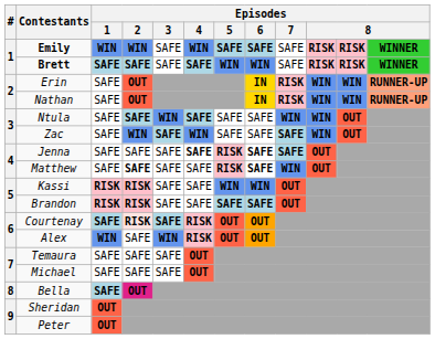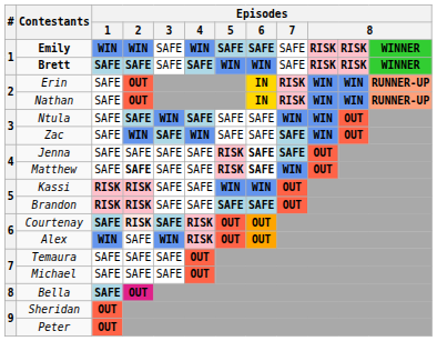 <table class="wikitable" style="text-align:center">
 <tr>
 <th rowspan="2">#</th>
 <th rowspan="2">Contestants</th>
 <th colspan="15">Episodes</th>
 </tr>
 <tr>
 <th>1</th>
 <th>2</th>
 <th>3</th>
 <th>4</th>
 <th>5</th>
 <th>6</th>
 <th>7</th>
 <th colspan="3">8</th>
 </tr>
 <tr>
 <th rowspan="2">1</th>
 <td><strong>Emily</strong></td>
 <td bgcolor="cornflowerblue"><strong>WIN</strong></td>
 <td bgcolor="cornflowerblue"><strong>WIN</strong></td>
 <td bgcolor="white">SAFE</td>
 <td bgcolor="cornflowerblue"><strong>WIN</strong></td>
 <td bgcolor="lightblue"><strong>SAFE</strong></td>
 <td bgcolor="lightblue"><strong>SAFE</strong></td>
 <td bgcolor="white">SAFE</td>
 <td bgcolor="pink"><strong>RISK</strong></td>
 <td bgcolor="pink"><strong>RISK</strong></td>
 <td bgcolor="limegreen"><strong>WINNER</strong></td>
 </tr>
 <tr>
 <td><strong>Brett</strong></td>
 <td bgcolor="lightblue"><strong>SAFE</strong></td>
 <td bgcolor="lightblue"><strong>SAFE</strong></td>
 <td bgcolor="white">SAFE</td>
 <td bgcolor="lightblue"><strong>SAFE</strong></td>
 <td bgcolor="cornflowerblue"><strong>WIN</strong></td>
 <td bgcolor="cornflowerblue"><strong>WIN</strong></td>
 <td bgcolor="white">SAFE</td>
 <td bgcolor="pink"><strong>RISK</strong></td>
 <td bgcolor="pink"><strong>RISK</strong></td>
 <td bgcolor="limegreen"><strong>WINNER</strong></td>
 </tr>
 <tr>
 <th rowspan="2">2</th>
 <td><em>Erin</em></td>
 <td bgcolor="white">SAFE</td>
 <td bgcolor="tomato"><strong>OUT</strong></td>
 <td bgcolor="darkgray" colspan="3"></td>
 <td bgcolor="gold"><strong>IN</strong></td>
 <td bgcolor="pink"><strong>RISK</strong></td>
 <td bgcolor="cornflowerblue"><strong>WIN</strong></td>
 <td bgcolor="cornflowerblue"><strong>WIN</strong></td>
 <td bgcolor="lightsalmon"><strong>RUNNER-UP</strong></td>
 </tr>
 <tr>
 <td><em>Nathan</em></td>
 <td bgcolor="white">SAFE</td>
 <td bgcolor="tomato"><strong>OUT</strong></td>
 <td bgcolor="darkgray" colspan="3"></td>
 <td bgcolor="gold"><strong>IN</strong></td>
 <td bgcolor="pink"><strong>RISK</strong></td>
 <td bgcolor="cornflowerblue"><strong>WIN</strong></td>
 <td bgcolor="cornflowerblue"><strong>WIN</strong></td>
 <td bgcolor="lightsalmon"><strong>RUNNER-UP</strong></td>
 </tr>
 <tr>
 <th rowspan="2">3</th>
 <td><em>Ntula</em></td>
 <td bgcolor="white">SAFE</td>
 <td bgcolor="lightblue"><strong>SAFE</strong></td>
 <td bgcolor="cornflowerblue"><strong>WIN</strong></td>
 <td bgcolor="lightblue"><strong>SAFE</strong></td>
 <td bgcolor="white">SAFE</td>
 <td bgcolor="white">SAFE</td>
 <td bgcolor="cornflowerblue"><strong>WIN</strong></td>
 <td bgcolor="cornflowerblue"><strong>WIN</strong></td>
 <td bgcolor="tomato"><strong>OUT</strong></td>
 <td bgcolor="darkgray" colspan="20"></td>
 </tr>
 <tr>
 <td><em>Zac</em></td>
 <td bgcolor="white">SAFE</td>
 <td bgcolor="cornflowerblue"><strong>WIN</strong></td>
 <td bgcolor="lightblue"><strong>SAFE</strong></td>
 <td bgcolor="cornflowerblue"><strong>WIN</strong></td>
 <td bgcolor="white">SAFE</td>
 <td bgcolor="white">SAFE</td>
 <td bgcolor="lightblue"><strong>SAFE</strong></td>
 <td bgcolor="cornflowerblue"><strong>WIN</strong></td>
 <td bgcolor="tomato"><strong>OUT</strong></td>
 <td bgcolor="darkgray" colspan="20"></td>
 </tr>
 <tr>
 <th rowspan="2">4</th>
 <td><em>Jenna</em></td>
 <td bgcolor="white">SAFE</td>
 <td bgcolor="white">SAFE</td>
 <td bgcolor="white">SAFE</td>
-<td bgcolor="white"><strong>SAFE</strong></td>
+<td bgcolor="white">SAFE</td>
 <td bgcolor="pink"><strong>RISK</strong></td>
 <td bgcolor="white"><strong>SAFE</strong></td>
 <td bgcolor="lightblue"><strong>SAFE</strong></td>
 <td bgcolor="tomato"><strong>OUT</strong></td>
 <td bgcolor="darkgray" colspan="20"></td>
 </tr>
 <tr>
 <td><em>Matthew</em></td>
 <td bgcolor="white">SAFE</td>
 <td bgcolor="white"><strong>SAFE</strong></td>
 <td bgcolor="white">SAFE</td>
 <td bgcolor="white">SAFE</td>
 <td bgcolor="pink"><strong>RISK</strong></td>
 <td bgcolor="white"><strong>SAFE</strong></td>
 <td bgcolor="cornflowerblue"><strong>WIN</strong></td>
 <td bgcolor="tomato"><strong>OUT</strong></td>
 <td bgcolor="darkgray" colspan="20"></td>
 </tr>
 <tr>
 <th rowspan="2">5</th>
 <td><em>Kassi</em></td>
 <td bgcolor="pink"><strong>RISK</strong></td>
 <td bgcolor="pink"><strong>RISK</strong></td>
 <td bgcolor="white">SAFE</td>
 <td bgcolor="white">SAFE</td>
 <td bgcolor="cornflowerblue"><strong>WIN</strong></td>
 <td bgcolor="cornflowerblue"><strong>WIN</strong></td>
 <td bgcolor="tomato"><strong>OUT</strong></td>
 <td bgcolor="darkgray" colspan="20"></td>
 </tr>
 <tr>
 <td><em>Brandon</em></td>
 <td bgcolor="pink"><strong>RISK</strong></td>
 <td bgcolor="pink"><strong>RISK</strong></td>
 <td bgcolor="white">SAFE</td>
 <td bgcolor="white">SAFE</td>
 <td bgcolor="lightblue"><strong>SAFE</strong></td>
 <td bgcolor="lightblue"><strong>SAFE</strong></td>
 <td bgcolor="tomato"><strong>OUT</strong></td>
 <td bgcolor="darkgray" colspan="20"></td>
 </tr>
 <tr>
 <th rowspan="2">6</th>
 <td><em>Courtenay</em></td>
 <td bgcolor="lightblue"><strong>SAFE</strong></td>
 <td bgcolor="mistyrose"><strong>RISK</strong></td>
 <td bgcolor="lightblue"><strong>SAFE</strong></td>
 <td bgcolor="pink"><strong>RISK</strong></td>
 <td bgcolor="tomato"><strong>OUT</strong></td>
 <td bgcolor="orange"><strong>OUT</strong></td>
 <td bgcolor="darkgray" colspan="5"></td>
 </tr>
 <tr>
 <td><em>Alex</em></td>
 <td bgcolor="cornflowerblue"><strong>WIN</strong></td>
 <td bgcolor="white">SAFE</td>
 <td bgcolor="cornflowerblue"><strong>WIN</strong></td>
 <td bgcolor="pink"><strong>RISK</strong></td>
 <td bgcolor="tomato"><strong>OUT</strong></td>
 <td bgcolor="orange"><strong>OUT</strong></td>
 <td bgcolor="darkgray" colspan="5"></td>
 </tr>
 <tr>
 <th rowspan="2">7</th>
 <td><em>Temaura</em></td>
 <td bgcolor="white">SAFE</td>
 <td bgcolor="white">SAFE</td>
 <td bgcolor="white">SAFE</td>
 <td bgcolor="tomato"><strong>OUT</strong></td>
 <td bgcolor="darkgray" colspan="20"></td>
 </tr>
 <tr>
 <td><em>Michael</em></td>
 <td bgcolor="white">SAFE</td>
 <td bgcolor="white">SAFE</td>
 <td bgcolor="white">SAFE</td>
 <td bgcolor="tomato"><strong>OUT</strong></td>
 <td bgcolor="darkgray" colspan="20"></td>
 </tr>
 <tr>
 <th rowspan="1">8</th>
 <td><em>Bella</em></td>
 <td bgcolor="lightblue"><strong>SAFE</strong></td>
 <td bgcolor="#E0218A"><span><strong>OUT</strong></span></td>
 <td bgcolor="darkgray" colspan="20"></td>
 </tr>
 <tr>
 <th rowspan="2">9</th>
 <td><em>Sheridan</em></td>
 <td bgcolor="tomato"><strong>OUT</strong></td>
 <td bgcolor="darkgray" colspan="20"></td>
 </tr>
 <tr>
 <td><em>Peter</em></td>
 <td bgcolor="tomato"><strong>OUT</strong></td>
 <td bgcolor="darkgray" colspan="20"></td>
 </tr>
 </table>
